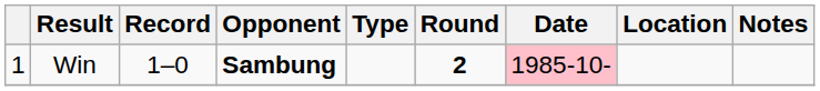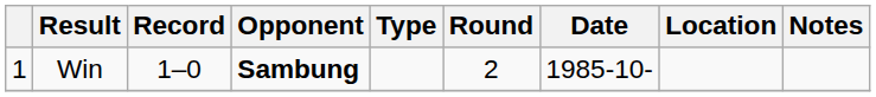 <table class="wikitable" style="text-align:center">
 <tr>
 <th></th>
 <th>Result</th>
 <th>Record</th>
 <th>Opponent</th>
 <th>Type</th>
 <th>Round</th>
 <th>Date</th>
 <th>Location</th>
 <th>Notes</th>
 </tr>
 <tr>
 <td>1</td>
 <td>Win</td>
 <td>1–0</td>
 <td style="text-align:left;"><strong> Sambung</strong></td>
 <td></td>
-<td><strong>2</strong></td>
-<td style="background: pink;">1985-10-</td>
+<td>2</td>
+<td>1985-10-</td>
 <td style="text-align:left;"> </td>
 <td></td>
 </tr>
 <tr>
 </tr>
 </table>
